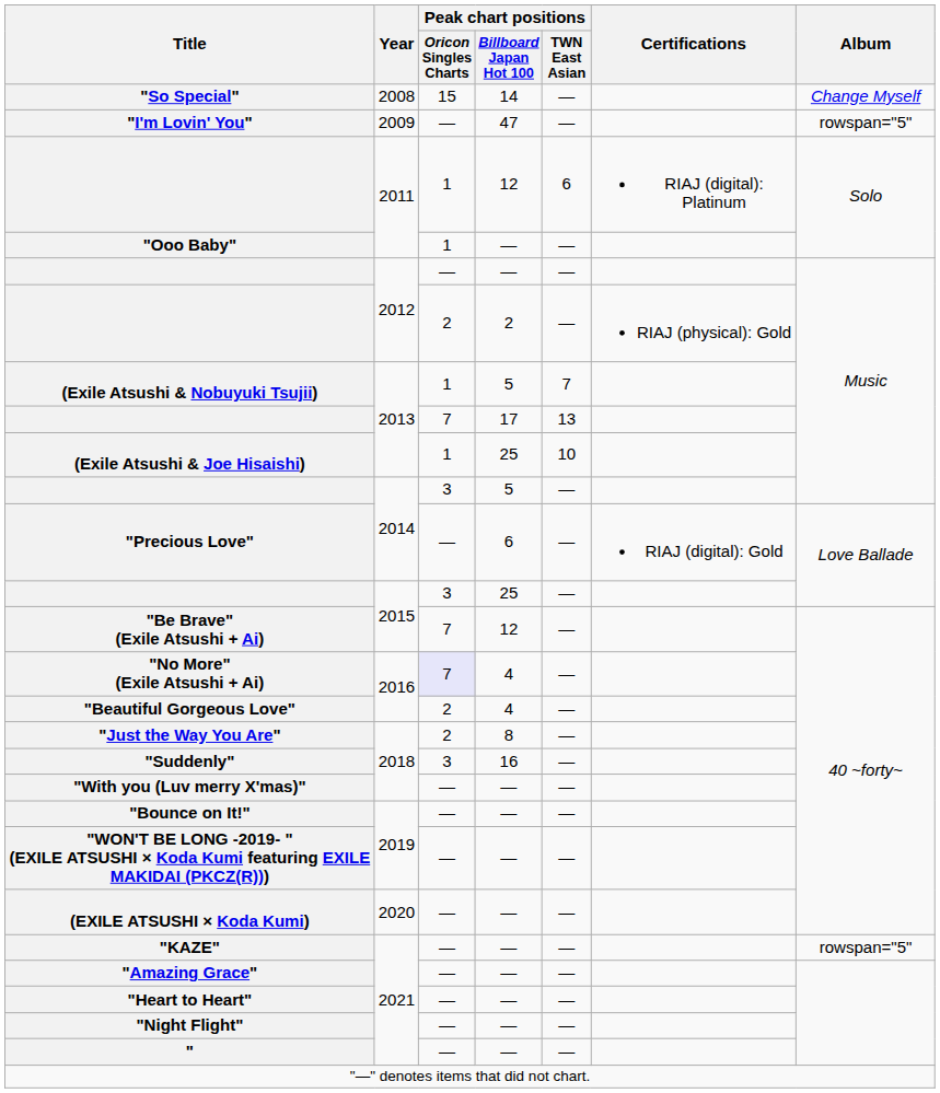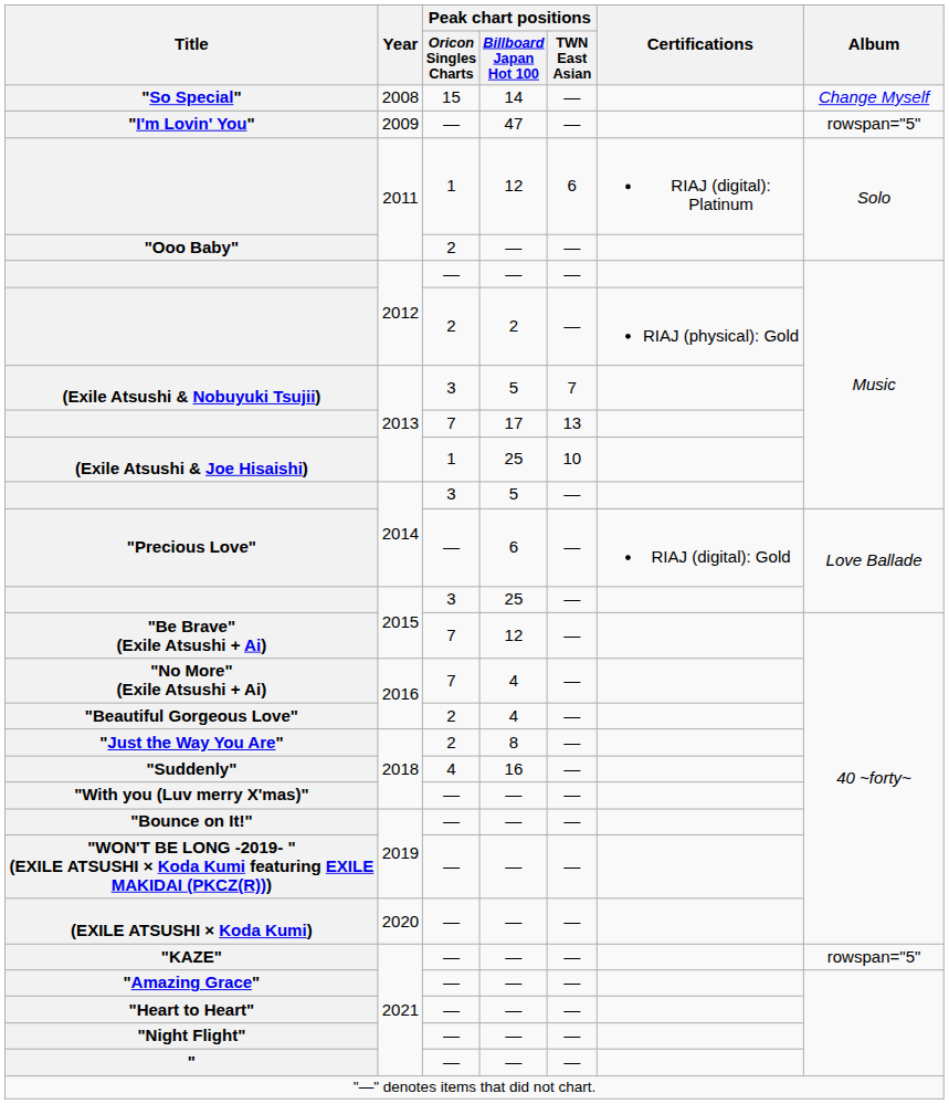 <table class="wikitable plainrowheaders" style="text-align:center;">
 <tr>
 <th scope="col" rowspan="2" style="width:22em;">Title</th>
 <th scope="col" rowspan="2" style="width:2em;">Year</th>
 <th scope="col" colspan="3">Peak chart positions</th>
 <th scope="col" rowspan="2" style="width:12em;">Certifications</th>
 <th scope="col" rowspan="2" style="width:8em;">Album</th>
 </tr>
 <tr>
 <th style="width:3em;font-size:85%"><em>Oricon</em> Singles Charts<br></th>
 <th style="width:3em;font-size:85%"><em><a href='#'>Billboard</a></em> <a href='#'>Japan Hot 100</a><br></th>
 <th style="width:3em;font-size:85%">TWN East Asian<br></th>
 </tr>
 <tr>
 <th scope="row">"<a href='#'>So Special</a>"<br></th>
 <td>2008</td>
 <td>15</td>
 <td>14</td>
 <td>—</td>
 <td></td>
 <td><em><a href='#'>Change Myself</a></em></td>
 </tr>
 <tr>
 <th scope="row">"<a href='#'>I'm Lovin' You</a>"<br></th>
 <td>2009</td>
 <td>—</td>
 <td>47</td>
 <td>—</td>
 <td></td>
 <td>rowspan="5"</td>
 </tr>
 <tr>
 <th scope="row"></th>
 <td rowspan="2">2011</td>
 <td>1</td>
 <td>12</td>
 <td>6</td>
 <td><br><ul><li>RIAJ <span>(digital)</span>: Platinum</li></ul></td>
 <td rowspan="2"><em>Solo</em></td>
 </tr>
 <tr>
 <th scope="row">"Ooo Baby"</th>
-<td>1</td>
+<td>2</td>
 <td>—</td>
 <td>—</td>
 <td></td>
 </tr>
 <tr>
 <th scope="row"></th>
 <td rowspan="2">2012</td>
 <td>—</td>
 <td>—</td>
 <td>—</td>
 <td></td>
 <td rowspan="6"><em>Music</em></td>
 </tr>
 <tr>
 <th scope="row"></th>
 <td>2</td>
 <td>2</td>
 <td>—</td>
 <td><br><ul><li>RIAJ <span>(physical)</span>: Gold</li></ul></td>
 </tr>
 <tr>
 <th scope="row"><br><span>(Exile Atsushi & <a href='#'>Nobuyuki Tsujii</a>)</span></th>
 <td rowspan="3">2013</td>
-<td>1</td>
+<td>3</td>
 <td>5</td>
 <td>7</td>
 <td></td>
 </tr>
 <tr>
 <th scope="row"></th>
 <td>7</td>
 <td>17</td>
 <td>13</td>
 <td></td>
 </tr>
 <tr>
 <th scope="row"><br><span>(Exile Atsushi & <a href='#'>Joe Hisaishi</a>)</span></th>
 <td>1</td>
 <td>25</td>
 <td>10</td>
 <td></td>
 </tr>
 <tr>
 <th scope="row"></th>
 <td rowspan="2">2014</td>
 <td>3</td>
 <td>5</td>
 <td>—</td>
 <td></td>
 </tr>
 <tr>
 <th scope="row">"Precious Love"</th>
 <td>—</td>
 <td>6</td>
 <td>—</td>
 <td><br><ul><li>RIAJ <span>(digital)</span>: Gold</li></ul></td>
 <td rowspan="2"><em>Love Ballade</em></td>
 </tr>
 <tr>
 <th scope="row"></th>
 <td rowspan="2">2015</td>
 <td>3</td>
 <td>25</td>
 <td>—</td>
 <td></td>
 </tr>
 <tr>
 <th scope="row">"Be Brave"<br><span>(Exile Atsushi + <a href='#'>Ai</a>)</span></th>
 <td>7</td>
 <td>12</td>
 <td>—</td>
 <td></td>
 <td rowspan="9"><em>40 ~forty~</em></td>
 </tr>
 <tr>
 <th scope="row">"No More"<br><span>(Exile Atsushi + Ai)</span></th>
 <td rowspan="2">2016</td>
-<td style="background: lavender;">7</td>
+<td>7</td>
 <td>4</td>
 <td>—</td>
 <td></td>
 </tr>
 <tr>
 <th scope="row">"Beautiful Gorgeous Love"</th>
 <td>2</td>
 <td>4</td>
 <td>—</td>
 </tr>
 <tr>
 <th scope="row">"<a href='#'>Just the Way You Are</a>"</th>
 <td rowspan="3">2018</td>
 <td>2</td>
 <td>8</td>
 <td>—</td>
 <td></td>
 </tr>
 <tr>
 <th scope="row">"Suddenly"</th>
-<td>3</td>
+<td>4</td>
 <td>16</td>
 <td>—</td>
 <td></td>
 </tr>
 <tr>
 <th scope="row">"With you (Luv merry X'mas)"</th>
 <td>—</td>
 <td>—</td>
 <td>—</td>
 <td></td>
 </tr>
 <tr>
 <th scope="row">"Bounce on It!"</th>
 <td rowspan="2">2019</td>
 <td>—</td>
 <td>—</td>
 <td>—</td>
 <td></td>
 </tr>
 <tr>
 <th scope="row">"WON'T BE LONG -2019- "<br><span>(EXILE ATSUSHI × <a href='#'>Koda Kumi</a> featuring <a href='#'>EXILE MAKIDAI (PKCZ(R))</a>)</span></th>
 <td>—</td>
 <td>—</td>
 <td>—</td>
 <td></td>
 </tr>
 <tr>
 <th scope="row"> <br><span>(EXILE ATSUSHI × <a href='#'>Koda Kumi</a>)</span></th>
 <td rowspan="1">2020</td>
 <td>—</td>
 <td>—</td>
 <td>—</td>
 <td></td>
 </tr>
 <tr>
 <th scope="row">"KAZE"</th>
 <td rowspan="5">2021</td>
 <td>—</td>
 <td>—</td>
 <td>—</td>
 <td></td>
 <td>rowspan="5"</td>
 </tr>
 <tr>
 <th scope="row">"<a href='#'>Amazing Grace</a>"</th>
 <td>—</td>
 <td>—</td>
 <td>—</td>
 <td></td>
 </tr>
 <tr>
 <th scope="row">"Heart to Heart"</th>
 <td>—</td>
 <td>—</td>
 <td>—</td>
 <td></td>
 </tr>
 <tr>
 <th scope="row">"Night Flight"</th>
 <td>—</td>
 <td>—</td>
 <td>—</td>
 <td></td>
 </tr>
 <tr>
 <th scope="row">"</th>
 <td>—</td>
 <td>—</td>
 <td>—</td>
 <td></td>
 </tr>
 <tr>
 <td colspan="12" align="center" style="font-size:90%;">"—" denotes items that did not chart.</td>
 </tr>
 </table>
